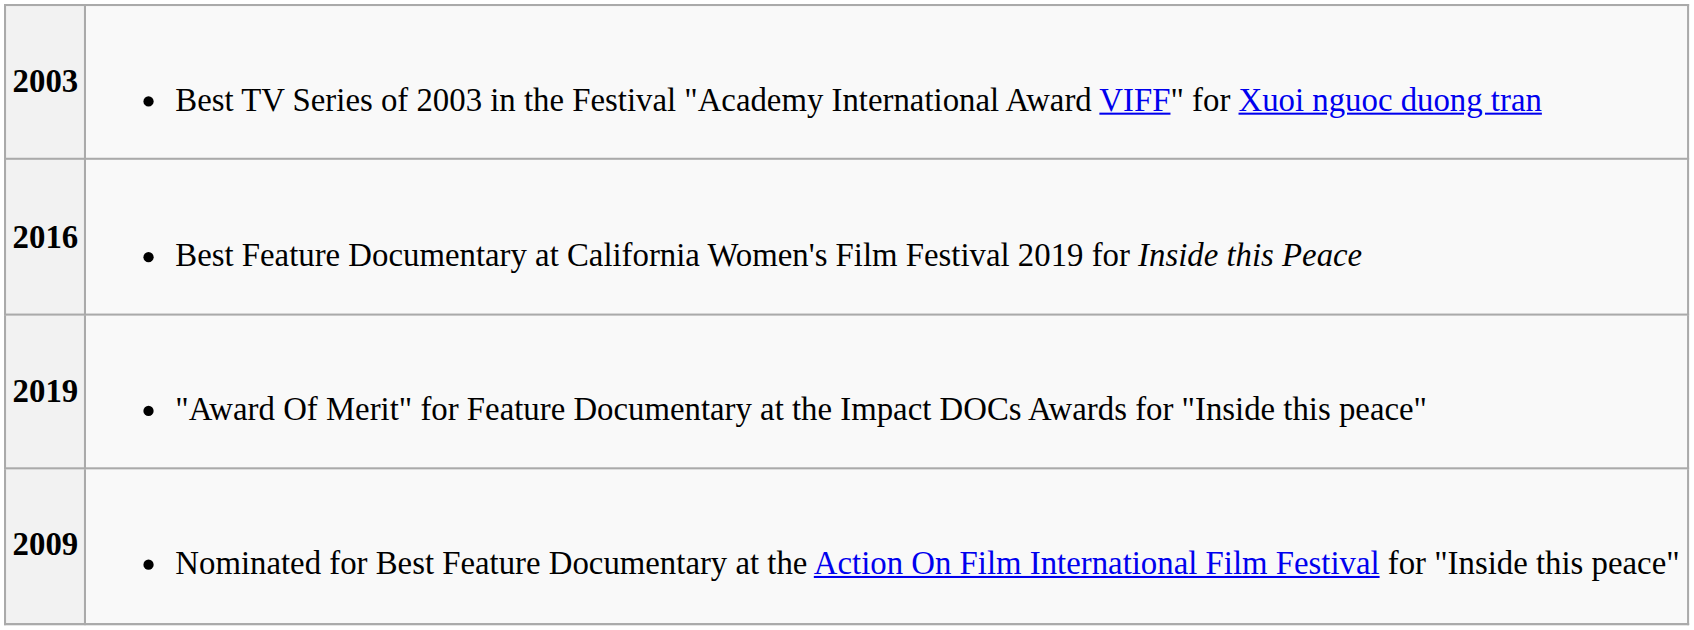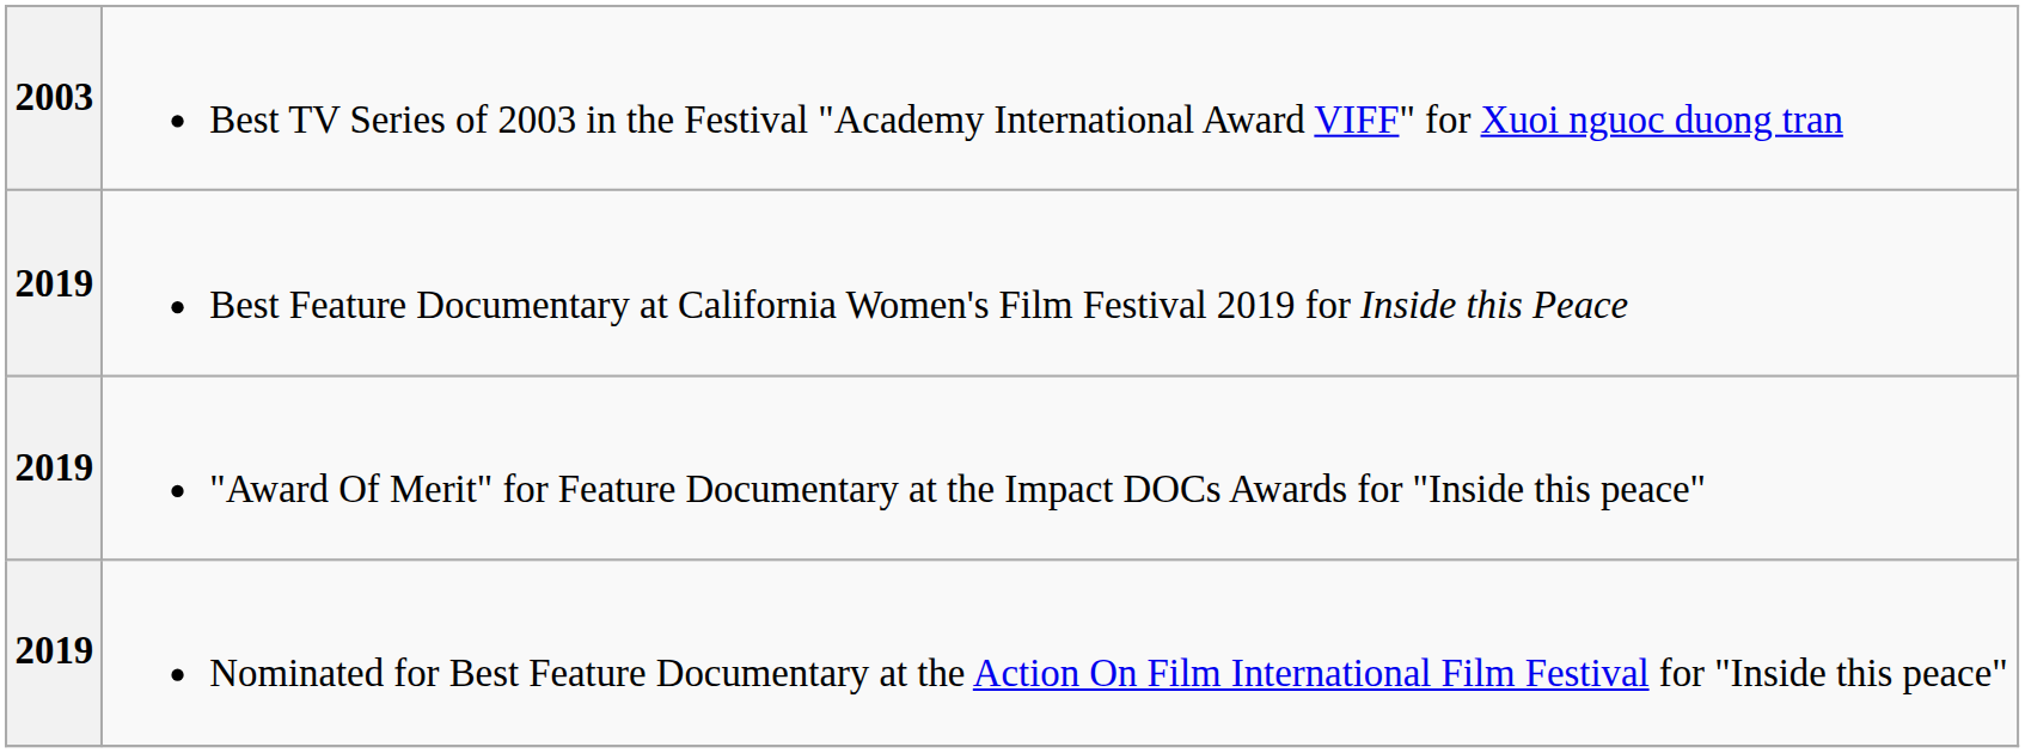 <table class="wikitable">
 <tr>
 <th style="text-align:center;">2003</th>
 <td align="left"><br><ul><li>Best TV Series of 2003 in the Festival "Academy International Award <a href='#'>VIFF</a>" for <a href='#'>Xuoi nguoc duong tran</a></li></ul></td>
 </tr>
 <tr>
-<th style="text-align:center;">2016</th>
+<th style="text-align:center;">2019</th>
 <td align="left"><br><ul><li>Best Feature Documentary at California Women's Film Festival 2019 for <em>Inside this Peace</em> </li></ul></td>
 </tr>
 <tr>
 <th style="text-align:center;">2019</th>
 <td align="left"><br><ul><li>"Award Of Merit" for Feature Documentary at the Impact DOCs Awards for "Inside this peace" </li></ul></td>
 </tr>
 <tr>
-<th style="text-align:center;">2009</th>
+<th style="text-align:center;">2019</th>
 <td align="left"><br><ul><li>Nominated for Best Feature Documentary at the <a href='#'>Action On Film International Film Festival</a> for "Inside this peace" </li></ul></td>
 </tr>
 <tr>
 </tr>
 </table>
